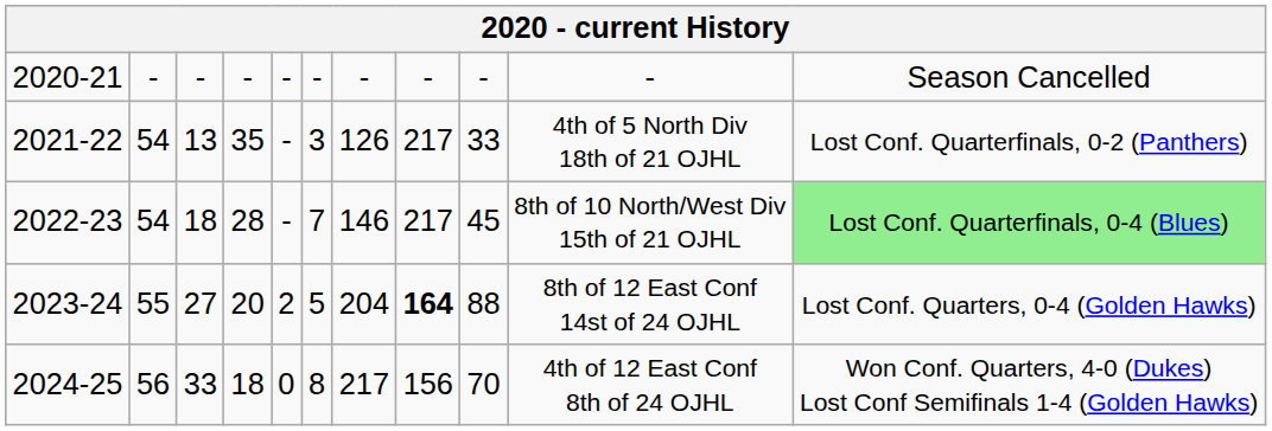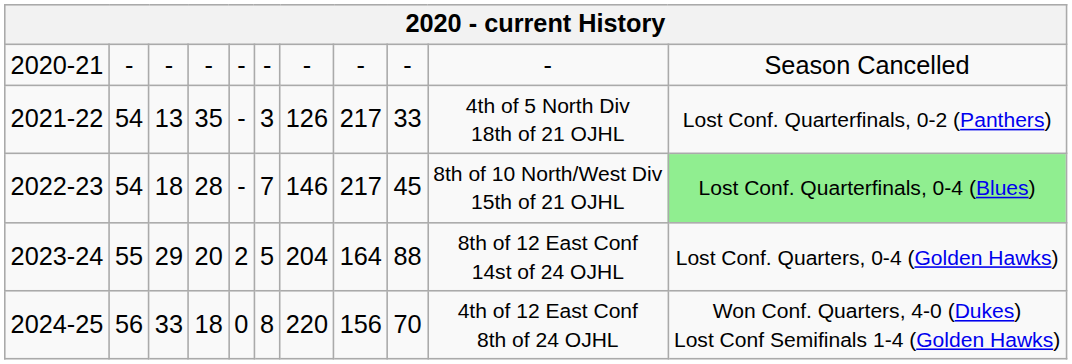 <table class="wikitable " style="text-align:center;">
 <tr>
 <th colspan=12 bgcolor="#822433" text_color=white><strong>2020 - current History</strong></th>
 </tr>
 <tr align="center">
 <td>2020-21</td>
 <td>-</td>
 <td>-</td>
 <td>-</td>
 <td>-</td>
 <td>-</td>
 <td>-</td>
 <td>-</td>
 <td>-</td>
 <td>-</td>
 <td>Season Cancelled</td>
 </tr>
 <tr align="center">
 <td>2021-22</td>
 <td>54</td>
 <td>13</td>
 <td>35</td>
 <td>-</td>
 <td>3</td>
 <td>126</td>
 <td>217</td>
 <td>33</td>
 <td><small>4th of 5 North Div<br>18th of 21 OJHL</small></td>
 <td><small>Lost Conf. Quarterfinals, 0-2 (<a href='#'>Panthers</a>)</small></td>
 </tr>
 <tr align="center">
 <td>2022-23</td>
 <td>54</td>
 <td>18</td>
 <td>28</td>
 <td>-</td>
 <td>7</td>
 <td>146</td>
 <td>217</td>
 <td>45</td>
 <td><small>8th of 10 North/West Div<br>15th of 21 OJHL</small></td>
 <td style="background: lightgreen;"><small>Lost Conf. Quarterfinals, 0-4 (<a href='#'>Blues</a>)</small></td>
 </tr>
 <tr align="center">
 <td>2023-24</td>
 <td>55</td>
-<td>27</td>
+<td>29</td>
 <td>20</td>
 <td>2</td>
 <td>5</td>
 <td>204</td>
-<td><strong>164</strong></td>
+<td>164</td>
 <td>88</td>
 <td><small>8th of 12 East Conf<br>14st of 24 OJHL</small></td>
 <td><small>Lost Conf. Quarters, 0-4 (<a href='#'>Golden Hawks</a>)</small></td>
 </tr>
 <tr align="center">
 <td>2024-25</td>
 <td>56</td>
 <td>33</td>
 <td>18</td>
 <td>0</td>
 <td>8</td>
-<td>217</td>
+<td>220</td>
 <td>156</td>
 <td>70</td>
 <td><small>4th of 12 East Conf<br>8th of 24 OJHL</small></td>
 <td><small>Won Conf. Quarters, 4-0 (<a href='#'>Dukes</a>)<br>Lost Conf Semifinals 1-4 (<a href='#'>Golden Hawks</a>)</small></td>
 </tr>
 </table>
